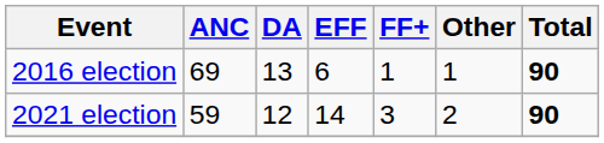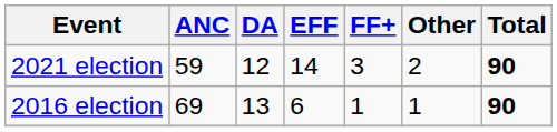 <table class="wikitable">
 <tr>
 <th>Event</th>
 <th><a href='#'>ANC</a></th>
 <th><a href='#'>DA</a></th>
 <th><a href='#'>EFF</a></th>
 <th><a href='#'>FF+</a></th>
 <th>Other</th>
 <th>Total</th>
 </tr>
 <tr>
+<td><a href='#'>2021 election</a></td>
+<td>59</td>
+<td>12</td>
+<td>14</td>
+<td>3</td>
+<td>2</td>
+<td><strong>90</strong></td>
+</tr>
+<tr>
 <td><a href='#'>2016 election</a></td>
 <td>69</td>
 <td>13</td>
 <td>6</td>
 <td>1</td>
 <td>1</td>
 <td><strong>90</strong></td>
 </tr>
 <tr>
-<td><a href='#'>2021 election</a></td>
-<td>59</td>
-<td>12</td>
-<td>14</td>
-<td>3</td>
-<td>2</td>
-<td><strong>90</strong></td>
-</tr>
-<tr>
 </tr>
 </table>
